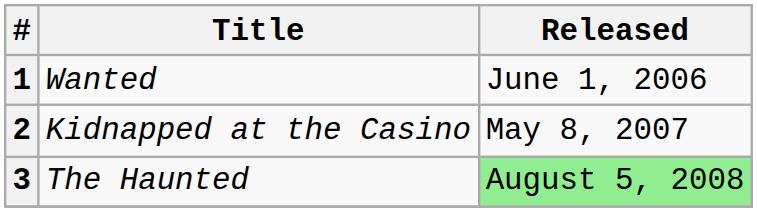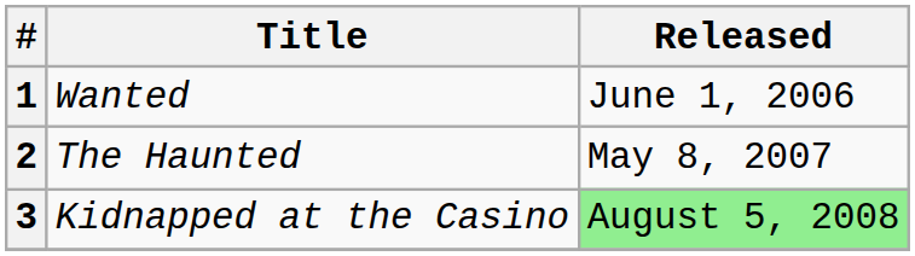 <table class="wikitable">
 <tr>
 <th>#</th>
 <th>Title</th>
 <th>Released</th>
 </tr>
 <tr>
 <th>1</th>
 <td><em>Wanted</em></td>
 <td>June 1, 2006</td>
 </tr>
 <tr>
 <th>2</th>
-<td><em>Kidnapped at the Casino</em></td>
+<td><em>The Haunted</em></td>
 <td>May 8, 2007</td>
 </tr>
 <tr>
 <th>3</th>
-<td><em>The Haunted</em></td>
+<td><em>Kidnapped at the Casino</em></td>
 <td style="background: lightgreen;">August 5, 2008</td>
 </tr>
 <tr>
 </tr>
 </table>
